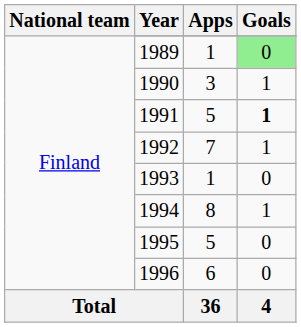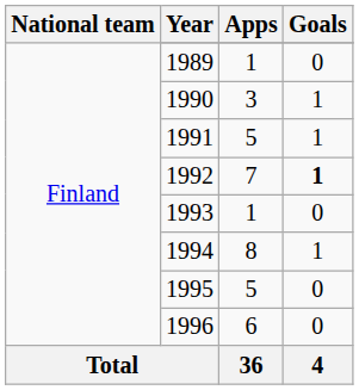 <table class="wikitable" style="text-align:center">
 <tr>
 <th>National team</th>
 <th>Year</th>
 <th>Apps</th>
 <th>Goals</th>
 </tr>
 <tr>
 <td rowspan="9"><a href='#'>Finland</a></td>
 </tr>
 <tr>
 <td>1989</td>
 <td>1</td>
-<td style="background: lightgreen;">0</td>
+<td>0</td>
 </tr>
 <tr>
 <td>1990</td>
 <td>3</td>
 <td>1</td>
 </tr>
 <tr>
 <td>1991</td>
 <td>5</td>
-<td><strong>1</strong></td>
+<td>1</td>
 </tr>
 <tr>
 <td>1992</td>
 <td>7</td>
-<td>1</td>
+<td><strong>1</strong></td>
 </tr>
 <tr>
 <td>1993</td>
 <td>1</td>
 <td>0</td>
 </tr>
 <tr>
 <td>1994</td>
 <td>8</td>
 <td>1</td>
 </tr>
 <tr>
 <td>1995</td>
 <td>5</td>
 <td>0</td>
 </tr>
 <tr>
 <td>1996</td>
 <td>6</td>
 <td>0</td>
 </tr>
 <tr>
 <th colspan="2">Total</th>
 <th>36</th>
 <th>4</th>
 </tr>
 </table>
